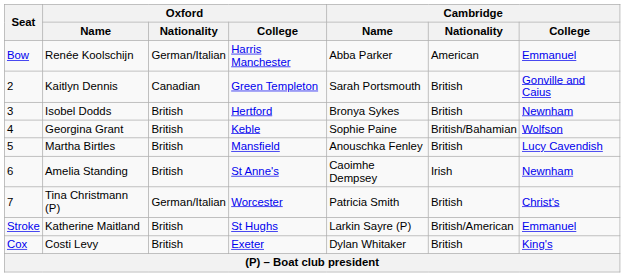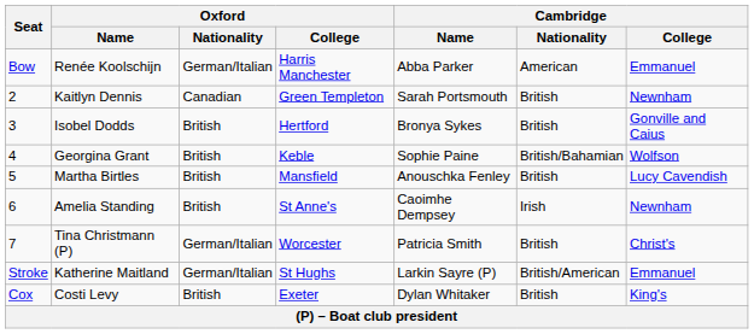 <table class="wikitable">
 <tr>
 <th rowspan="2" scope="col">Seat</th>
 <th colspan="3" scope="col">Oxford <br> </th>
 <th colspan="3" scope="col">Cambridge <br> </th>
 </tr>
 <tr>
 <th>Name</th>
 <th>Nationality</th>
 <th>College</th>
 <th>Name</th>
 <th>Nationality</th>
 <th>College</th>
 </tr>
 <tr>
 <td><a href='#'>Bow</a></td>
 <td>Renée Koolschijn</td>
 <td>German/Italian</td>
 <td><a href='#'>Harris Manchester</a></td>
 <td>Abba Parker</td>
 <td>American</td>
 <td><a href='#'>Emmanuel</a></td>
 </tr>
 <tr>
 <td>2</td>
 <td>Kaitlyn Dennis</td>
 <td>Canadian</td>
 <td><a href='#'>Green Templeton</a></td>
 <td>Sarah Portsmouth</td>
 <td>British</td>
-<td><a href='#'>Gonville and Caius</a></td>
+<td><a href='#'>Newnham</a></td>
 </tr>
 <tr>
 <td>3</td>
 <td>Isobel Dodds</td>
 <td>British</td>
 <td><a href='#'>Hertford</a></td>
 <td>Bronya Sykes</td>
 <td>British</td>
-<td><a href='#'>Newnham</a></td>
+<td><a href='#'>Gonville and Caius</a></td>
 </tr>
 <tr>
 <td>4</td>
 <td>Georgina Grant</td>
 <td>British</td>
 <td><a href='#'>Keble</a></td>
 <td>Sophie Paine</td>
 <td>British/Bahamian</td>
 <td><a href='#'>Wolfson</a></td>
 </tr>
 <tr>
 <td>5</td>
 <td>Martha Birtles</td>
 <td>British</td>
 <td><a href='#'>Mansfield</a></td>
 <td>Anouschka Fenley</td>
 <td>British</td>
 <td><a href='#'>Lucy Cavendish</a></td>
 </tr>
 <tr>
 <td>6</td>
 <td>Amelia Standing</td>
 <td>British</td>
 <td><a href='#'>St Anne's</a></td>
 <td>Caoimhe Dempsey</td>
 <td>Irish</td>
 <td><a href='#'>Newnham</a></td>
 </tr>
 <tr>
 <td>7</td>
 <td>Tina Christmann (P)</td>
 <td>German/Italian</td>
 <td><a href='#'>Worcester</a></td>
 <td>Patricia Smith</td>
 <td>British</td>
 <td><a href='#'>Christ's</a></td>
 </tr>
 <tr>
 <td><a href='#'>Stroke</a></td>
 <td>Katherine Maitland</td>
-<td>British</td>
+<td>German/Italian</td>
 <td><a href='#'>St Hughs</a></td>
 <td>Larkin Sayre (P)</td>
 <td>British/American</td>
 <td><a href='#'>Emmanuel</a></td>
 </tr>
 <tr>
 <td><a href='#'>Cox</a></td>
 <td>Costi Levy</td>
 <td>British</td>
 <td><a href='#'>Exeter</a></td>
 <td>Dylan Whitaker</td>
 <td>British</td>
 <td><a href='#'>King's</a></td>
 </tr>
 <tr>
 <th colspan=7>(P) – Boat club president</th>
 </tr>
 </table>
